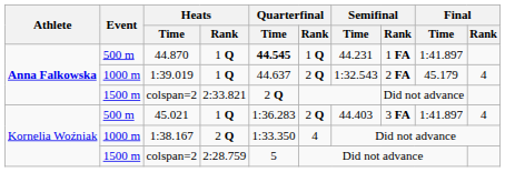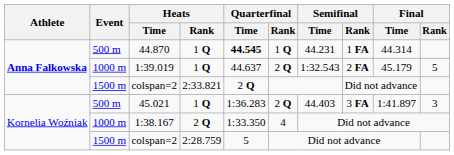 <table class="wikitable" style="font-size:90%">
 <tr>
 <th rowspan=2>Athlete</th>
 <th rowspan=2>Event</th>
 <th colspan=2>Heats</th>
 <th colspan=2>Quarterfinal</th>
 <th colspan=2>Semifinal</th>
 <th colspan=2>Final</th>
 </tr>
 <tr style="font-size:95%">
 <th>Time</th>
 <th>Rank</th>
 <th>Time</th>
 <th>Rank</th>
 <th>Time</th>
 <th>Rank</th>
 <th>Time</th>
 <th>Rank</th>
 </tr>
 <tr align=center>
 <td align=left rowspan=3><strong><a href='#'>Anna Falkowska</a></strong></td>
 <td align=left><a href='#'>500 m</a></td>
 <td>44.870</td>
 <td>1 <strong>Q</strong></td>
 <td><strong>44.545</strong></td>
 <td>1 <strong>Q</strong></td>
 <td>44.231</td>
 <td>1 <strong>FA</strong></td>
-<td>1:41.897</td>
+<td>44.314</td>
 <td></td>
 </tr>
 <tr align=center>
 <td align=left><a href='#'>1000 m</a></td>
 <td>1:39.019</td>
 <td>1 <strong>Q</strong></td>
 <td>44.637</td>
 <td>2 <strong>Q</strong></td>
 <td>1:32.543</td>
 <td>2 <strong>FA</strong></td>
 <td>45.179</td>
-<td>4</td>
+<td>5</td>
 </tr>
 <tr align=center>
 <td align=left><a href='#'>1500 m</a></td>
 <td>colspan=2</td>
 <td>2:33.821</td>
 <td>2 <strong>Q</strong></td>
 <td colspan=2></td>
 <td colspan=2>Did not advance</td>
 </tr>
 <tr align=center>
 <td align=left rowspan=3><a href='#'>Kornelia Woźniak</a></td>
 <td align=left><a href='#'>500 m</a></td>
 <td>45.021</td>
 <td>1 <strong>Q</strong></td>
 <td>1:36.283</td>
 <td>2 <strong>Q</strong></td>
 <td>44.403</td>
 <td>3 <strong>FA</strong></td>
 <td>1:41.897</td>
-<td>4</td>
+<td>3</td>
 </tr>
 <tr align=center>
 <td align=left><a href='#'>1000 m</a></td>
 <td>1:38.167</td>
 <td>2 <strong>Q</strong></td>
 <td>1:33.350</td>
 <td>4</td>
 <td colspan=4>Did not advance</td>
 </tr>
 <tr align=center>
 <td align=left><a href='#'>1500 m</a></td>
 <td>colspan=2</td>
 <td>2:28.759</td>
 <td>5</td>
 <td colspan=4>Did not advance</td>
 </tr>
 </table>
